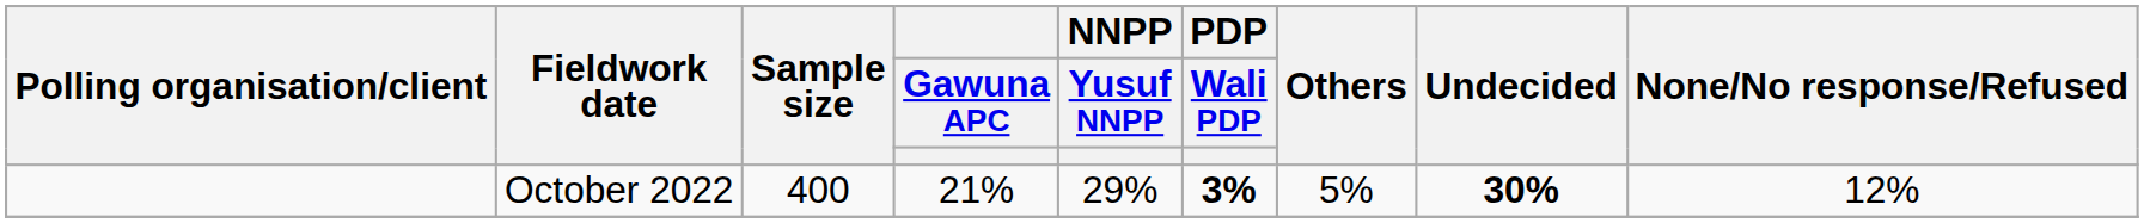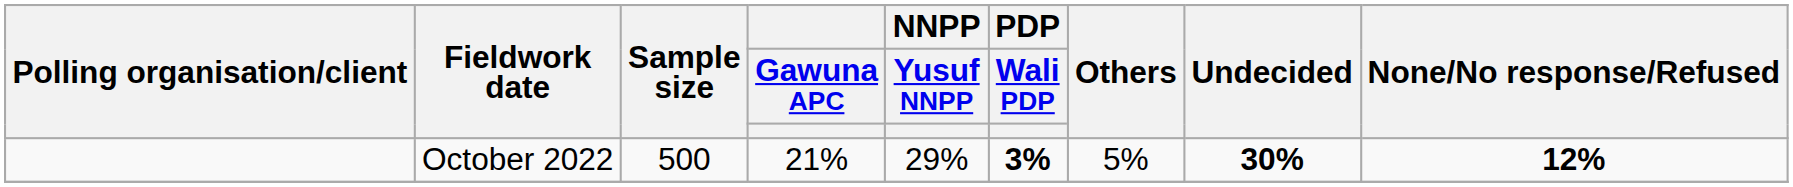 <table class="wikitable" style="text-align:center;font-size:95%;line-height:14px;">
 <tr>
 <th rowspan="3">Polling organisation/client</th>
 <th rowspan="3">Fieldwork<br>date</th>
 <th rowspan="3">Sample<br>size</th>
 <th></th>
 <th><div><span> <strong>NNPP</strong></span></div></th>
 <th><div><span> <strong>PDP</strong></span></div></th>
 <th rowspan="3">Others</th>
 <th rowspan="3">Undecided</th>
 <th rowspan="3">None/No response/Refused</th>
 </tr>
 <tr>
 <th><a href='#'>Gawuna</a><br><small><a href='#'>APC</a></small></th>
 <th><a href='#'>Yusuf</a><br><small><a href='#'>NNPP</a></small></th>
 <th><a href='#'>Wali</a><br><small><a href='#'>PDP</a></small></th>
 </tr>
 <tr>
 <th style="background:"></th>
 <th style="background:"></th>
 <th style="background:"></th>
 </tr>
 <tr>
 <td></td>
 <td>October 2022</td>
-<td>400</td>
+<td>500</td>
 <td>21%</td>
 <td>29%</td>
 <td><strong>3%</strong></td>
 <td>5%</td>
 <td><strong>30%</strong></td>
-<td>12%</td>
+<td><strong>12%</strong></td>
 </tr>
 <tr>
 </tr>
 </table>
